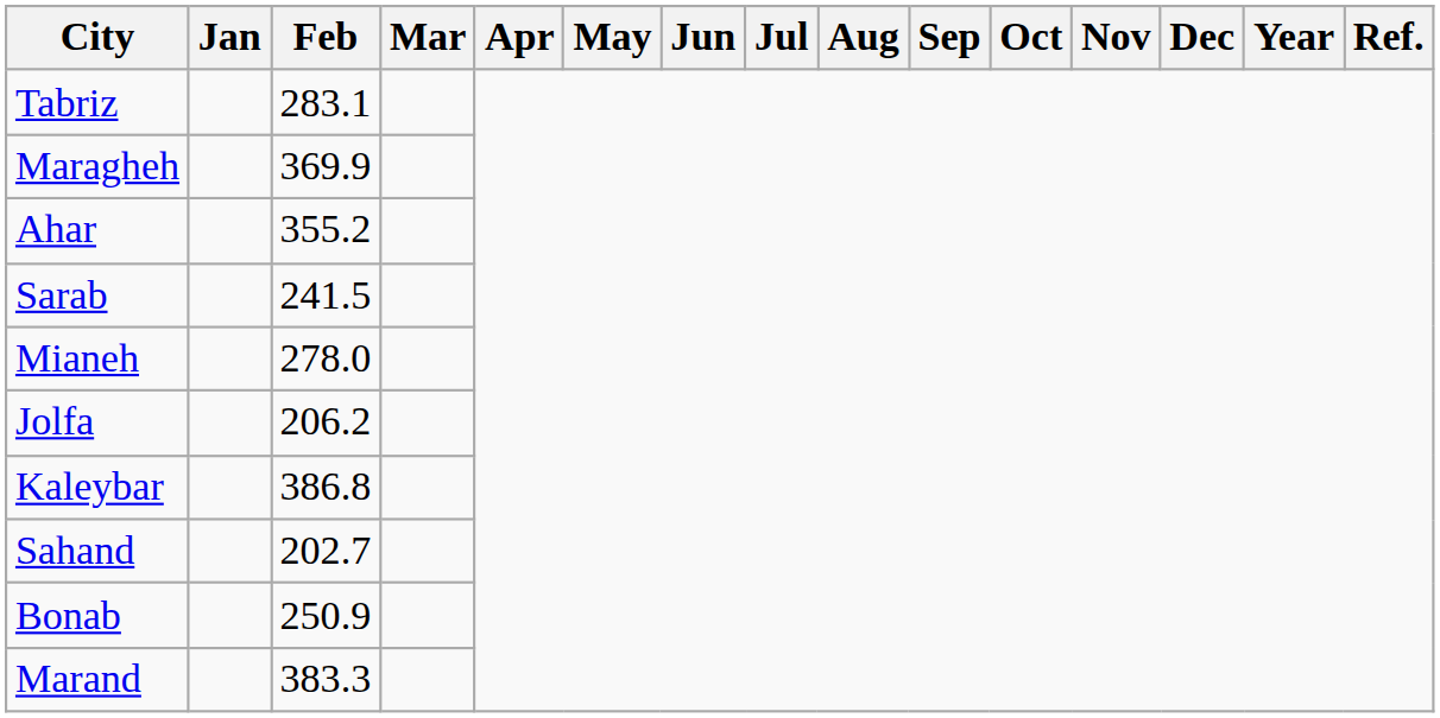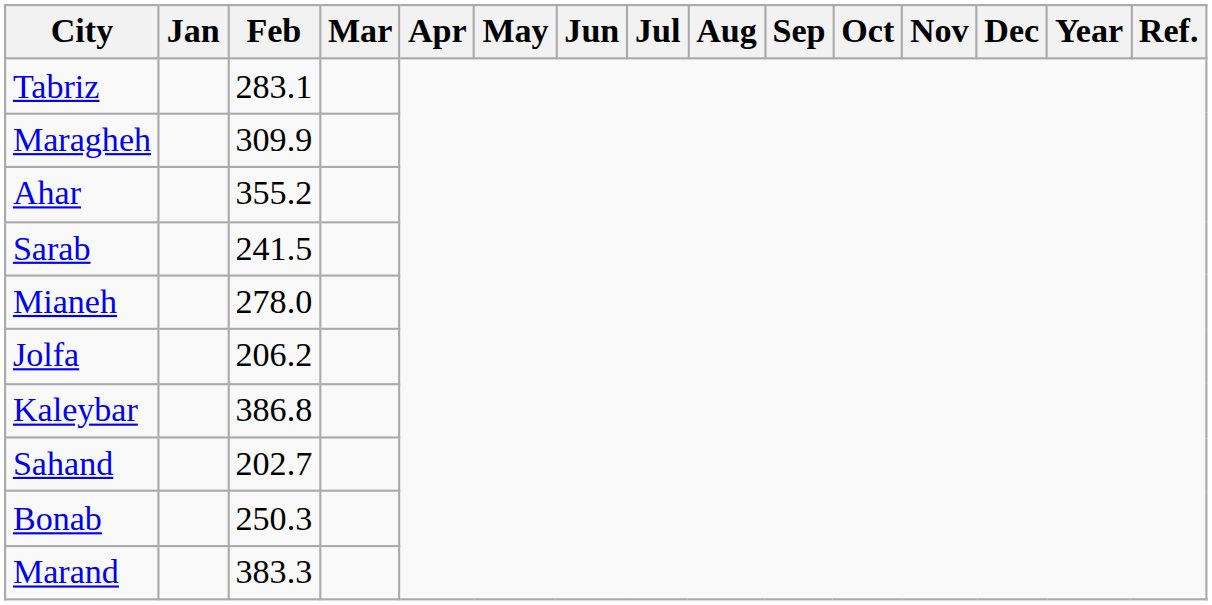 <table class="wikitable sortable header sort-under col1left col2left col20center" >
 <tr style="vertical-align:top">
 <th>City</th>
 <th>Jan</th>
 <th>Feb</th>
 <th>Mar</th>
 <th>Apr</th>
 <th>May</th>
 <th>Jun</th>
 <th>Jul</th>
 <th>Aug</th>
 <th>Sep</th>
 <th>Oct</th>
 <th>Nov</th>
 <th>Dec</th>
 <th>Year</th>
 <th>Ref.</th>
 </tr>
 <tr>
 <td><a href='#'>Tabriz</a></td>
 <td></td>
 <td>283.1</td>
 <td></td>
 </tr>
 <tr>
 <td><a href='#'>Maragheh</a></td>
 <td></td>
-<td>369.9</td>
+<td>309.9</td>
 <td></td>
 </tr>
 <tr>
 <td><a href='#'>Ahar</a></td>
 <td></td>
 <td>355.2</td>
 <td></td>
 </tr>
 <tr>
 <td><a href='#'>Sarab</a></td>
 <td></td>
 <td>241.5</td>
 <td></td>
 </tr>
 <tr>
 <td><a href='#'>Mianeh</a></td>
 <td></td>
 <td>278.0</td>
 <td></td>
 </tr>
 <tr>
 <td><a href='#'>Jolfa</a></td>
 <td></td>
 <td>206.2</td>
 <td></td>
 </tr>
 <tr>
 <td><a href='#'>Kaleybar</a></td>
 <td></td>
 <td>386.8</td>
 <td></td>
 </tr>
 <tr>
 <td><a href='#'>Sahand</a></td>
 <td></td>
 <td>202.7</td>
 <td></td>
 </tr>
 <tr>
 <td><a href='#'>Bonab</a></td>
 <td></td>
-<td>250.9</td>
+<td>250.3</td>
 <td></td>
 </tr>
 <tr>
 <td><a href='#'>Marand</a></td>
 <td></td>
 <td>383.3</td>
 <td></td>
 </tr>
 </table>
